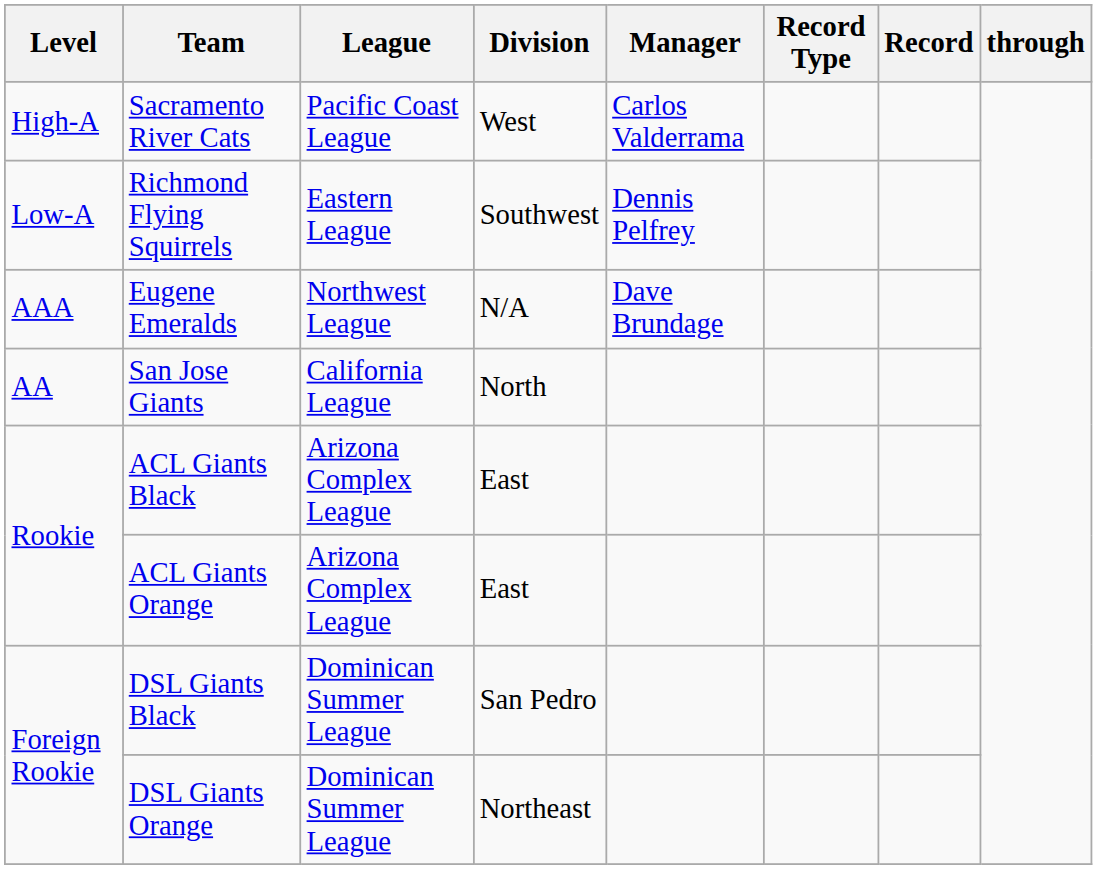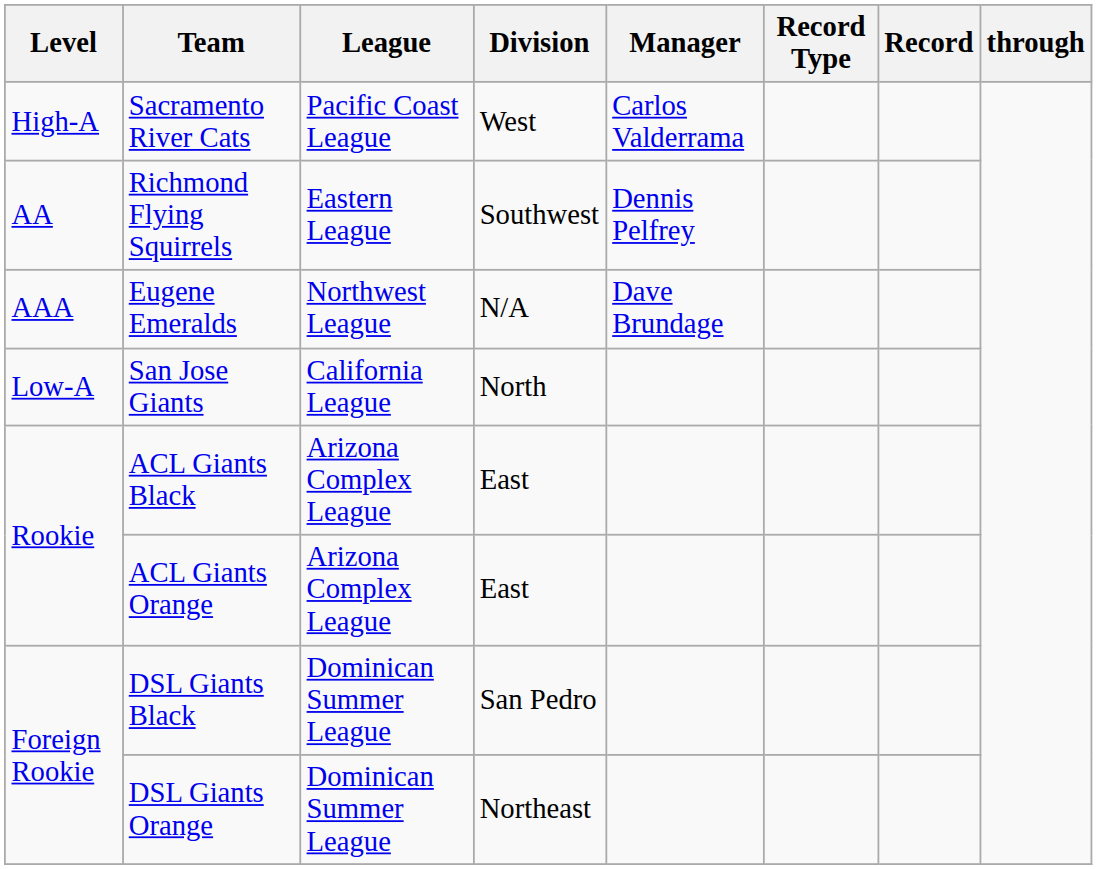 <table class="wikitable">
 <tr>
 <th>Level</th>
 <th>Team</th>
 <th>League</th>
 <th>Division</th>
 <th>Manager</th>
 <th>Record Type</th>
 <th>Record</th>
 <th>through</th>
 </tr>
 <tr>
 <td><a href='#'>High-A</a></td>
 <td><a href='#'>Sacramento River Cats</a></td>
 <td><a href='#'>Pacific Coast League</a></td>
 <td>West</td>
 <td><a href='#'>Carlos Valderrama</a></td>
 <td></td>
 <td></td>
 </tr>
 <tr>
-<td><a href='#'>Low-A</a></td>
+<td><a href='#'>AA</a></td>
 <td><a href='#'>Richmond Flying Squirrels</a></td>
 <td><a href='#'>Eastern League</a></td>
 <td>Southwest</td>
 <td><a href='#'>Dennis Pelfrey</a></td>
 <td></td>
 <td></td>
 </tr>
 <tr>
 <td><a href='#'>AAA</a></td>
 <td><a href='#'>Eugene Emeralds</a></td>
 <td><a href='#'>Northwest League</a></td>
 <td>N/A</td>
 <td><a href='#'>Dave Brundage</a></td>
 <td></td>
 <td></td>
 </tr>
 <tr>
-<td><a href='#'>AA</a></td>
+<td><a href='#'>Low-A</a></td>
 <td><a href='#'>San Jose Giants</a></td>
 <td><a href='#'>California League</a></td>
 <td>North</td>
 <td></td>
 <td></td>
 <td></td>
 </tr>
 <tr>
 <td rowspan=2><a href='#'>Rookie</a></td>
 <td><a href='#'>ACL Giants Black</a></td>
 <td><a href='#'>Arizona Complex League</a></td>
 <td>East</td>
 <td></td>
 <td></td>
 <td></td>
 </tr>
 <tr>
 <td><a href='#'>ACL Giants Orange</a></td>
 <td><a href='#'>Arizona Complex League</a></td>
 <td>East</td>
 <td></td>
 <td></td>
 <td></td>
 </tr>
 <tr>
 <td rowspan=2><a href='#'>Foreign Rookie</a></td>
 <td><a href='#'>DSL Giants Black</a></td>
 <td><a href='#'>Dominican Summer League</a></td>
 <td>San Pedro</td>
 <td></td>
 <td></td>
 <td></td>
 </tr>
 <tr>
 <td><a href='#'>DSL Giants Orange</a></td>
 <td><a href='#'>Dominican Summer League</a></td>
 <td>Northeast</td>
 <td></td>
 <td></td>
 <td></td>
 </tr>
 </table>
